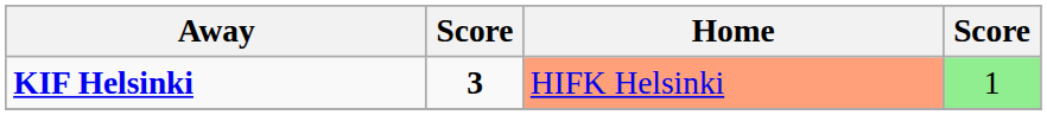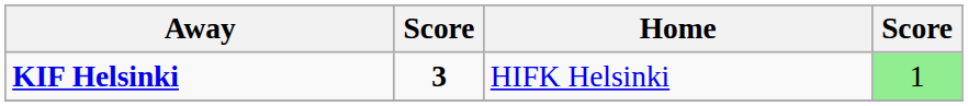 <table class="wikitable">
 <tr>
 <th width="200">Away</th>
 <th width="40">Score</th>
 <th width="200">Home</th>
 <th width="40">Score</th>
 </tr>
 <tr>
 <td><strong><a href='#'>KIF Helsinki</a></strong></td>
 <td align=center><strong>3</strong></td>
-<td style="background: lightsalmon;"><a href='#'>HIFK Helsinki</a></td>
+<td><a href='#'>HIFK Helsinki</a></td>
 <td align=center style="background: lightgreen;">1</td>
 </tr>
 <tr>
 </tr>
 </table>
